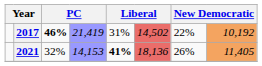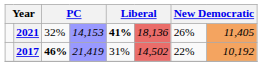 <table class="wikitable" style="float:right; width:400; font-size:90%; margin-left:1em;">
 <tr>
 <th colspan="2" scope="col">Year</th>
 <th colspan="2" scope="col"><a href='#'>PC</a></th>
 <th colspan="2" scope="col"><a href='#'>Liberal</a></th>
 <th colspan="2" scope="col"><a href='#'>New Democratic</a></th>
+</tr>
+<tr>
+<td style="width: 0.25em; background-color: "></td>
+<th><a href='#'>2021</a></th>
+<td>32%</td>
+<td style="text-align:right; background:#9999FF;"><em>14,153</em></td>
+<td><strong>41%</strong></td>
+<td style="text-align:right; background:#EA6D6A;"><em>18,136</em></td>
+<td>26%</td>
+<td style="text-align:right; background:#F4A460;"><em>11,405</em></td>
 </tr>
 <tr>
 <td style="width: 0.25em; background-color: "></td>
 <th><a href='#'>2017</a></th>
 <td><strong>46%</strong></td>
 <td style="text-align:right; background:#9999FF;"><em>21,419</em></td>
 <td>31%</td>
 <td style="text-align:right; background:#EA6D6A;"><em>14,502</em></td>
 <td>22%</td>
 <td style="text-align:right; background:#F4A460;"><em>10,192</em></td>
 </tr>
 <tr>
-<td style="width: 0.25em; background-color: "></td>
-<th><a href='#'>2021</a></th>
-<td>32%</td>
-<td style="text-align:right; background:#9999FF;"><em>14,153</em></td>
-<td><strong>41%</strong></td>
-<td style="text-align:right; background:#EA6D6A;"><em>18,136</em></td>
-<td>26%</td>
-<td style="text-align:right; background:#F4A460;"><em>11,405</em></td>
-</tr>
-<tr>
 </tr>
 </table>
